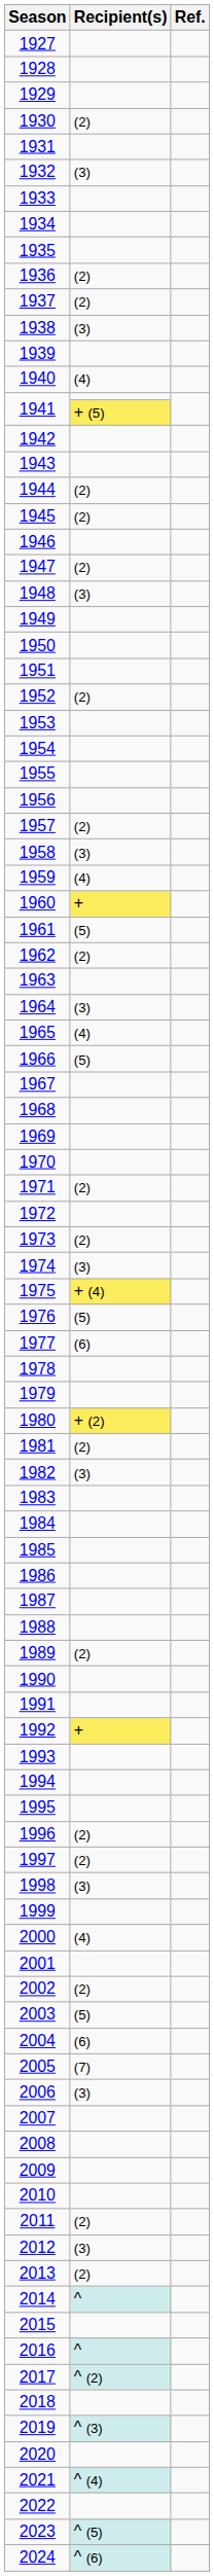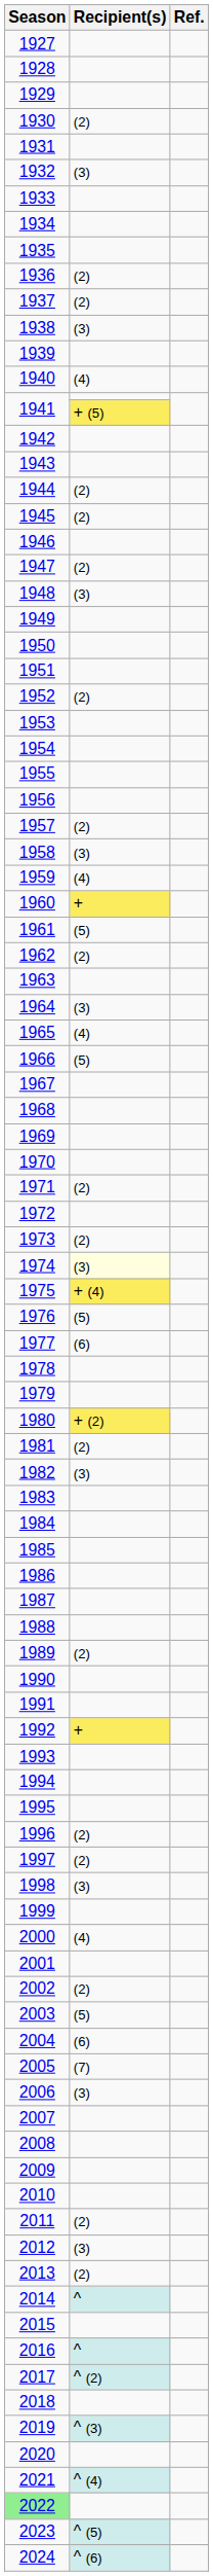 <table class="wikitable sortable" style="text-align:center">
 <tr>
 <th>Season</th>
 <th>Recipient(s)</th>
 <th class=unsortable>Ref.</th>
 </tr>
 <tr>
 <td><a href='#'>1927</a></td>
 <td align=left></td>
 <td></td>
 </tr>
 <tr>
 <td><a href='#'>1928</a></td>
 <td align=left></td>
 <td></td>
 </tr>
 <tr>
 <td><a href='#'>1929</a></td>
 <td align=left></td>
 <td></td>
 </tr>
 <tr>
 <td><a href='#'>1930</a></td>
 <td align=left> <small>(2)</small></td>
 <td></td>
 </tr>
 <tr>
 <td><a href='#'>1931</a></td>
 <td align=left></td>
 <td></td>
 </tr>
 <tr>
 <td><a href='#'>1932</a></td>
 <td align=left> <small>(3)</small></td>
 <td></td>
 </tr>
 <tr>
 <td><a href='#'>1933</a></td>
 <td align=left></td>
 <td></td>
 </tr>
 <tr>
 <td><a href='#'>1934</a></td>
 <td align=left></td>
 <td></td>
 </tr>
 <tr>
 <td><a href='#'>1935</a></td>
 <td align=left></td>
 <td></td>
 </tr>
 <tr>
 <td><a href='#'>1936</a></td>
 <td align=left> <small>(2)</small></td>
 <td></td>
 </tr>
 <tr>
 <td><a href='#'>1937</a></td>
 <td align=left> <small>(2)</small></td>
 <td></td>
 </tr>
 <tr>
 <td><a href='#'>1938</a></td>
 <td align=left> <small>(3)</small></td>
 <td></td>
 </tr>
 <tr>
 <td><a href='#'>1939</a></td>
 <td align=left></td>
 <td></td>
 </tr>
 <tr>
 <td><a href='#'>1940</a></td>
 <td align=left> <small>(4)</small></td>
 <td></td>
 </tr>
 <tr>
 <td rowspan=2><a href='#'>1941</a></td>
 <td align=left></td>
 <td rowspan=2></td>
 </tr>
 <tr>
 <td style="background:#fbec5d;" align=left>+ <small>(5)</small></td>
 </tr>
 <tr>
 <td><a href='#'>1942</a></td>
 <td align=left></td>
 <td></td>
 </tr>
 <tr>
 <td><a href='#'>1943</a></td>
 <td align=left></td>
 <td></td>
 </tr>
 <tr>
 <td><a href='#'>1944</a></td>
 <td align=left> <small>(2)</small></td>
 <td></td>
 </tr>
 <tr>
 <td><a href='#'>1945</a></td>
 <td align=left> <small>(2)</small></td>
 <td></td>
 </tr>
 <tr>
 <td><a href='#'>1946</a></td>
 <td align=left></td>
 <td></td>
 </tr>
 <tr>
 <td><a href='#'>1947</a></td>
 <td align=left> <small>(2)</small></td>
 <td></td>
 </tr>
 <tr>
 <td><a href='#'>1948</a></td>
 <td align=left> <small>(3)</small></td>
 <td></td>
 </tr>
 <tr>
 <td><a href='#'>1949</a></td>
 <td align=left></td>
 <td></td>
 </tr>
 <tr>
 <td><a href='#'>1950</a></td>
 <td align=left></td>
 <td></td>
 </tr>
 <tr>
 <td><a href='#'>1951</a></td>
 <td align=left></td>
 <td></td>
 </tr>
 <tr>
 <td><a href='#'>1952</a></td>
 <td align=left> <small>(2)</small></td>
 <td></td>
 </tr>
 <tr>
 <td><a href='#'>1953</a></td>
 <td align=left></td>
 <td></td>
 </tr>
 <tr>
 <td><a href='#'>1954</a></td>
 <td align=left></td>
 <td></td>
 </tr>
 <tr>
 <td><a href='#'>1955</a></td>
 <td align=left></td>
 <td></td>
 </tr>
 <tr>
 <td><a href='#'>1956</a></td>
 <td align=left></td>
 <td></td>
 </tr>
 <tr>
 <td><a href='#'>1957</a></td>
 <td align=left> <small>(2)</small></td>
 <td></td>
 </tr>
 <tr>
 <td><a href='#'>1958</a></td>
 <td align=left> <small>(3)</small></td>
 <td></td>
 </tr>
 <tr>
 <td><a href='#'>1959</a></td>
 <td align=left> <small>(4)</small></td>
 <td></td>
 </tr>
 <tr>
 <td><a href='#'>1960</a></td>
 <td style="background:#fbec5d;" align=left>+</td>
 <td></td>
 </tr>
 <tr>
 <td><a href='#'>1961</a></td>
 <td align=left> <small>(5)</small></td>
 <td></td>
 </tr>
 <tr>
 <td><a href='#'>1962</a></td>
 <td align=left> <small>(2)</small></td>
 <td></td>
 </tr>
 <tr>
 <td><a href='#'>1963</a></td>
 <td align=left></td>
 <td></td>
 </tr>
 <tr>
 <td><a href='#'>1964</a></td>
 <td align=left> <small>(3)</small></td>
 <td></td>
 </tr>
 <tr>
 <td><a href='#'>1965</a></td>
 <td align=left> <small>(4)</small></td>
 <td></td>
 </tr>
 <tr>
 <td><a href='#'>1966</a></td>
 <td align=left> <small>(5)</small></td>
 <td></td>
 </tr>
 <tr>
 <td><a href='#'>1967</a></td>
 <td align=left></td>
 <td></td>
 </tr>
 <tr>
 <td><a href='#'>1968</a></td>
 <td align=left></td>
 <td></td>
 </tr>
 <tr>
 <td><a href='#'>1969</a></td>
 <td align=left></td>
 <td></td>
 </tr>
 <tr>
 <td><a href='#'>1970</a></td>
 <td align=left></td>
 <td></td>
 </tr>
 <tr>
 <td><a href='#'>1971</a></td>
 <td align=left> <small>(2)</small></td>
 <td></td>
 </tr>
 <tr>
 <td><a href='#'>1972</a></td>
 <td align=left></td>
 <td></td>
 </tr>
 <tr>
 <td><a href='#'>1973</a></td>
 <td align=left> <small>(2)</small></td>
 <td></td>
 </tr>
 <tr>
 <td><a href='#'>1974</a></td>
-<td align=left> <small>(3)</small></td>
+<td align=left style="background: lightyellow;"> <small>(3)</small></td>
 <td></td>
 </tr>
 <tr>
 <td><a href='#'>1975</a></td>
 <td style="background:#fbec5d;" align=left>+ <small>(4)</small></td>
 <td></td>
 </tr>
 <tr>
 <td><a href='#'>1976</a></td>
 <td align=left> <small>(5)</small></td>
 <td></td>
 </tr>
 <tr>
 <td><a href='#'>1977</a></td>
 <td align=left> <small>(6)</small></td>
 <td></td>
 </tr>
 <tr>
 <td><a href='#'>1978</a></td>
 <td align=left></td>
 <td></td>
 </tr>
 <tr>
 <td><a href='#'>1979</a></td>
 <td align=left></td>
 <td></td>
 </tr>
 <tr>
 <td><a href='#'>1980</a></td>
 <td style="background:#fbec5d;" align=left>+ <small>(2)</small></td>
 <td></td>
 </tr>
 <tr>
 <td><a href='#'>1981</a></td>
 <td align=left> <small>(2)</small></td>
 <td></td>
 </tr>
 <tr>
 <td><a href='#'>1982</a></td>
 <td align=left> <small>(3)</small></td>
 <td></td>
 </tr>
 <tr>
 <td><a href='#'>1983</a></td>
 <td align=left></td>
 <td></td>
 </tr>
 <tr>
 <td><a href='#'>1984</a></td>
 <td align=left></td>
 <td></td>
 </tr>
 <tr>
 <td><a href='#'>1985</a></td>
 <td align=left></td>
 <td></td>
 </tr>
 <tr>
 <td><a href='#'>1986</a></td>
 <td align=left></td>
 <td></td>
 </tr>
 <tr>
 <td><a href='#'>1987</a></td>
 <td align=left></td>
 <td></td>
 </tr>
 <tr>
 <td><a href='#'>1988</a></td>
 <td align=left></td>
 <td></td>
 </tr>
 <tr>
 <td><a href='#'>1989</a></td>
 <td align=left> <small>(2)</small></td>
 <td></td>
 </tr>
 <tr>
 <td><a href='#'>1990</a></td>
 <td align=left></td>
 <td></td>
 </tr>
 <tr>
 <td><a href='#'>1991</a></td>
 <td align=left></td>
 <td></td>
 </tr>
 <tr>
 <td><a href='#'>1992</a></td>
 <td style="background:#fbec5d;" align=left>+</td>
 <td></td>
 </tr>
 <tr>
 <td><a href='#'>1993</a></td>
 <td align=left></td>
 <td></td>
 </tr>
 <tr>
 <td><a href='#'>1994</a></td>
 <td align=left></td>
 <td></td>
 </tr>
 <tr>
 <td><a href='#'>1995</a></td>
 <td align=left></td>
 <td></td>
 </tr>
 <tr>
 <td><a href='#'>1996</a></td>
 <td align=left> <small>(2)</small></td>
 <td></td>
 </tr>
 <tr>
 <td><a href='#'>1997</a></td>
 <td align=left> <small>(2)</small></td>
 <td></td>
 </tr>
 <tr>
 <td><a href='#'>1998</a></td>
 <td align=left> <small>(3)</small></td>
 <td></td>
 </tr>
 <tr>
 <td><a href='#'>1999</a></td>
 <td align=left></td>
 <td></td>
 </tr>
 <tr>
 <td><a href='#'>2000</a></td>
 <td align=left> <small>(4)</small></td>
 <td></td>
 </tr>
 <tr>
 <td><a href='#'>2001</a></td>
 <td align=left></td>
 <td></td>
 </tr>
 <tr>
 <td><a href='#'>2002</a></td>
 <td align=left> <small>(2)</small></td>
 <td></td>
 </tr>
 <tr>
 <td><a href='#'>2003</a></td>
 <td align=left> <small>(5)</small></td>
 <td></td>
 </tr>
 <tr>
 <td><a href='#'>2004</a></td>
 <td align=left> <small>(6)</small></td>
 <td></td>
 </tr>
 <tr>
 <td><a href='#'>2005</a></td>
 <td align=left> <small>(7)</small></td>
 <td></td>
 </tr>
 <tr>
 <td><a href='#'>2006</a></td>
 <td align=left> <small>(3)</small></td>
 <td></td>
 </tr>
 <tr>
 <td><a href='#'>2007</a></td>
 <td align=left></td>
 <td></td>
 </tr>
 <tr>
 <td><a href='#'>2008</a></td>
 <td align=left></td>
 <td></td>
 </tr>
 <tr>
 <td><a href='#'>2009</a></td>
 <td align=left></td>
 <td></td>
 </tr>
 <tr>
 <td><a href='#'>2010</a></td>
 <td align=left></td>
 <td></td>
 </tr>
 <tr>
 <td><a href='#'>2011</a></td>
 <td align=left> <small>(2)</small></td>
 <td></td>
 </tr>
 <tr>
 <td><a href='#'>2012</a></td>
 <td align=left> <small>(3)</small></td>
 <td></td>
 </tr>
 <tr>
 <td><a href='#'>2013</a></td>
 <td align=left> <small>(2)</small></td>
 <td></td>
 </tr>
 <tr>
 <td><a href='#'>2014</a></td>
 <td style="background:#cfecec;" align=left>^</td>
 <td></td>
 </tr>
 <tr>
 <td><a href='#'>2015</a></td>
 <td align=left></td>
 <td></td>
 </tr>
 <tr>
 <td><a href='#'>2016</a></td>
 <td style="background:#cfecec;" align=left>^</td>
 <td></td>
 </tr>
 <tr>
 <td><a href='#'>2017</a></td>
 <td style="background:#cfecec;" align=left>^ <small>(2)</small></td>
 <td></td>
 </tr>
 <tr>
 <td><a href='#'>2018</a></td>
 <td align=left></td>
 <td></td>
 </tr>
 <tr>
 <td><a href='#'>2019</a></td>
 <td style="background:#cfecec;" align=left>^ <small>(3)</small></td>
 <td></td>
 </tr>
 <tr>
 <td><a href='#'>2020</a></td>
 <td align=left></td>
 <td></td>
 </tr>
 <tr>
 <td><a href='#'>2021</a></td>
 <td style="background:#cfecec;" align=left>^ <small>(4)</small></td>
 <td></td>
 </tr>
 <tr>
-<td><a href='#'>2022</a></td>
+<td style="background: lightgreen;"><a href='#'>2022</a></td>
 <td align=left></td>
 <td></td>
 </tr>
 <tr>
 <td><a href='#'>2023</a></td>
 <td style="background:#cfecec;" align=left>^ <small>(5)</small></td>
 <td></td>
 </tr>
 <tr>
 <td><a href='#'>2024</a></td>
 <td style="background:#cfecec;" align=left>^ <small>(6)</small></td>
 <td></td>
 </tr>
 </table>
